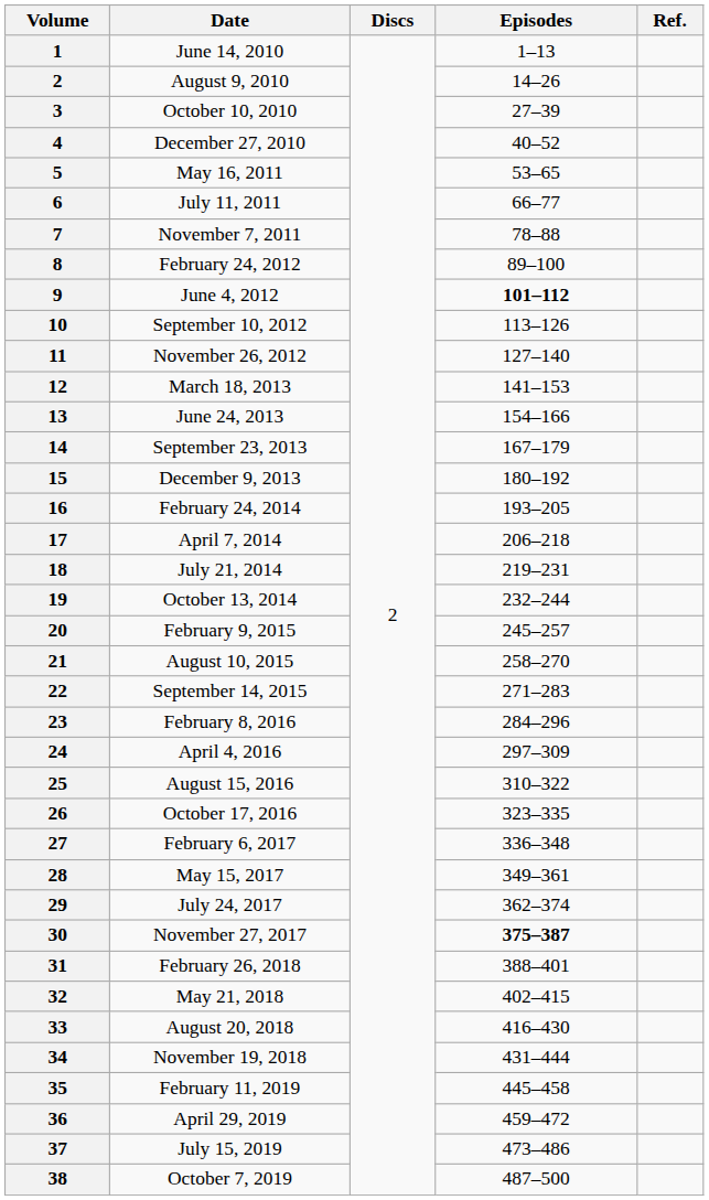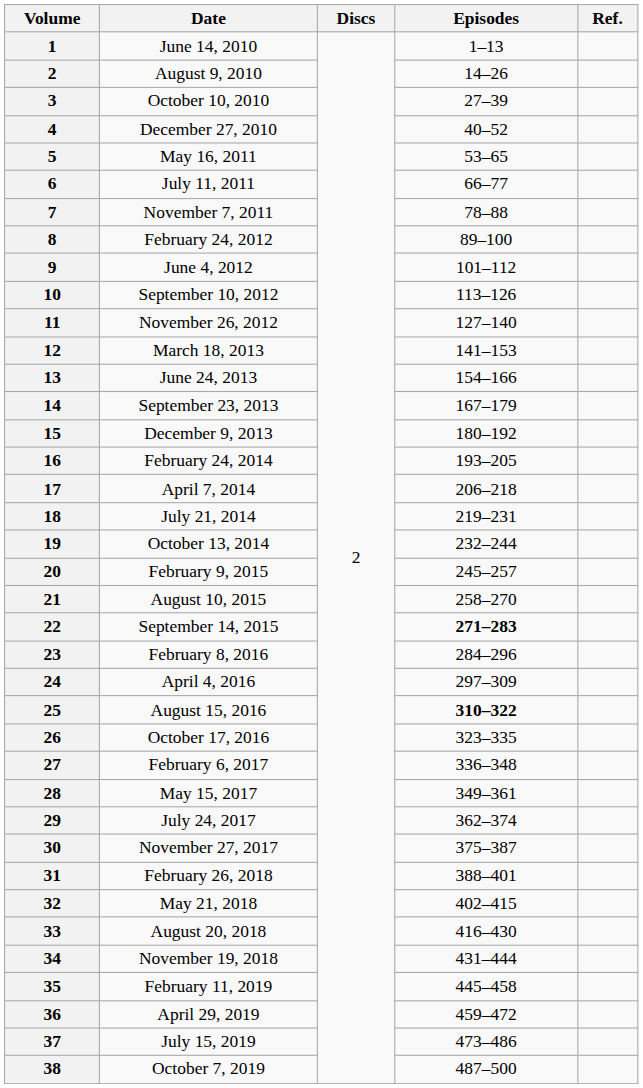 <table class="wikitable" style="text-align:center;">
 <tr>
 <th scope="col" style="width:5em;">Volume</th>
 <th scope="col" style="width:12em;">Date</th>
 <th scope="col" style="width:4em;">Discs</th>
 <th scope="col" style="width:10em;">Episodes</th>
 <th scope="col" style="width:3em;">Ref.</th>
 </tr>
 <tr>
 <th scope="row">1</th>
 <td>June 14, 2010</td>
 <td rowspan="38">2</td>
 <td>1–13</td>
 <td></td>
 </tr>
 <tr>
 <th scope="row">2</th>
 <td>August 9, 2010</td>
 <td>14–26</td>
 <td></td>
 </tr>
 <tr>
 <th scope="row">3</th>
 <td>October 10, 2010</td>
 <td>27–39</td>
 <td></td>
 </tr>
 <tr>
 <th scope="row">4</th>
 <td>December 27, 2010</td>
 <td>40–52</td>
 <td></td>
 </tr>
 <tr>
 <th scope="row">5</th>
 <td>May 16, 2011</td>
 <td>53–65</td>
 <td></td>
 </tr>
 <tr>
 <th scope="row">6</th>
 <td>July 11, 2011</td>
 <td>66–77</td>
 <td></td>
 </tr>
 <tr>
 <th scope="row">7</th>
 <td>November 7, 2011</td>
 <td>78–88</td>
 <td></td>
 </tr>
 <tr>
 <th scope="row">8</th>
 <td>February 24, 2012</td>
 <td>89–100</td>
 <td></td>
 </tr>
 <tr>
 <th scope="row">9</th>
 <td>June 4, 2012</td>
-<td><strong>101–112</strong></td>
+<td>101–112</td>
 <td></td>
 </tr>
 <tr>
 <th scope="row">10</th>
 <td>September 10, 2012</td>
 <td>113–126</td>
 <td></td>
 </tr>
 <tr>
 <th scope="row">11</th>
 <td>November 26, 2012</td>
 <td>127–140</td>
 <td></td>
 </tr>
 <tr>
 <th scope="row">12</th>
 <td>March 18, 2013</td>
 <td>141–153</td>
 <td></td>
 </tr>
 <tr>
 <th scope="row">13</th>
 <td>June 24, 2013</td>
 <td>154–166</td>
 <td></td>
 </tr>
 <tr>
 <th scope="row">14</th>
 <td>September 23, 2013</td>
 <td>167–179</td>
 <td></td>
 </tr>
 <tr>
 <th scope="row">15</th>
 <td>December 9, 2013</td>
 <td>180–192</td>
 <td></td>
 </tr>
 <tr>
 <th scope="row">16</th>
 <td>February 24, 2014</td>
 <td>193–205</td>
 <td></td>
 </tr>
 <tr>
 <th scope="row">17</th>
 <td>April 7, 2014</td>
 <td>206–218</td>
 <td></td>
 </tr>
 <tr>
 <th scope="row">18</th>
 <td>July 21, 2014</td>
 <td>219–231</td>
 <td></td>
 </tr>
 <tr>
 <th scope="row">19</th>
 <td>October 13, 2014</td>
 <td>232–244</td>
 <td></td>
 </tr>
 <tr>
 <th scope="row">20</th>
 <td>February 9, 2015</td>
 <td>245–257</td>
 <td></td>
 </tr>
 <tr>
 <th scope="row">21</th>
 <td>August 10, 2015</td>
 <td>258–270</td>
 <td></td>
 </tr>
 <tr>
 <th scope="row">22</th>
 <td>September 14, 2015</td>
-<td>271–283</td>
+<td><strong>271–283</strong></td>
 <td></td>
 </tr>
 <tr>
 <th scope="row">23</th>
 <td>February 8, 2016</td>
 <td>284–296</td>
 <td></td>
 </tr>
 <tr>
 <th scope="row">24</th>
 <td>April 4, 2016</td>
 <td>297–309</td>
 <td></td>
 </tr>
 <tr>
 <th scope="row">25</th>
 <td>August 15, 2016</td>
-<td>310–322</td>
+<td><strong>310–322</strong></td>
 <td></td>
 </tr>
 <tr>
 <th scope="row">26</th>
 <td>October 17, 2016</td>
 <td>323–335</td>
 <td></td>
 </tr>
 <tr>
 <th scope="row">27</th>
 <td>February 6, 2017</td>
 <td>336–348</td>
 <td></td>
 </tr>
 <tr>
 <th scope="row">28</th>
 <td>May 15, 2017</td>
 <td>349–361</td>
 <td></td>
 </tr>
 <tr>
 <th scope="row">29</th>
 <td>July 24, 2017</td>
 <td>362–374</td>
 <td></td>
 </tr>
 <tr>
 <th scope="row">30</th>
 <td>November 27, 2017</td>
-<td><strong>375–387</strong></td>
+<td>375–387</td>
 <td></td>
 </tr>
 <tr>
 <th scope="row">31</th>
 <td>February 26, 2018</td>
 <td>388–401</td>
 <td></td>
 </tr>
 <tr>
 <th scope="row">32</th>
 <td>May 21, 2018</td>
 <td>402–415</td>
 <td></td>
 </tr>
 <tr>
 <th scope="row">33</th>
 <td>August 20, 2018</td>
 <td>416–430</td>
 <td></td>
 </tr>
 <tr>
 <th scope="row">34</th>
 <td>November 19, 2018</td>
 <td>431–444</td>
 <td></td>
 </tr>
 <tr>
 <th scope="row">35</th>
 <td>February 11, 2019</td>
 <td>445–458</td>
 <td></td>
 </tr>
 <tr>
 <th scope="row">36</th>
 <td>April 29, 2019</td>
 <td>459–472</td>
 <td></td>
 </tr>
 <tr>
 <th scope="row">37</th>
 <td>July 15, 2019</td>
 <td>473–486</td>
 <td></td>
 </tr>
 <tr>
 <th scope="row">38</th>
 <td>October 7, 2019</td>
 <td>487–500</td>
 <td></td>
 </tr>
 </table>
